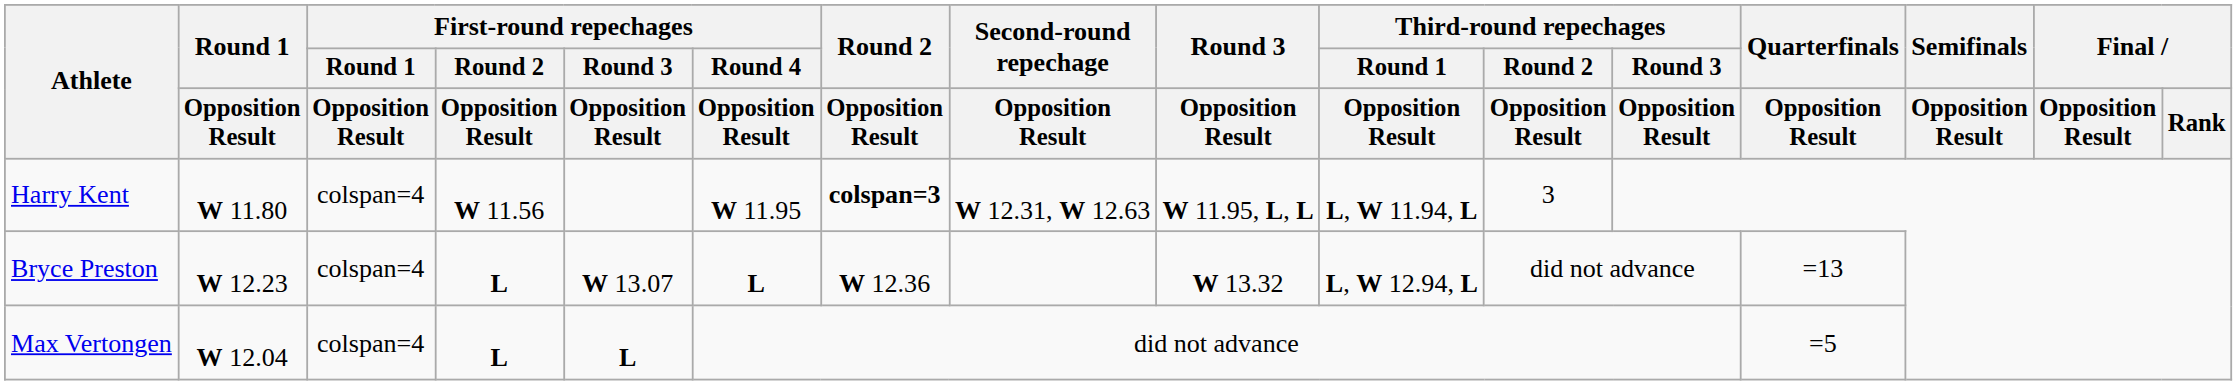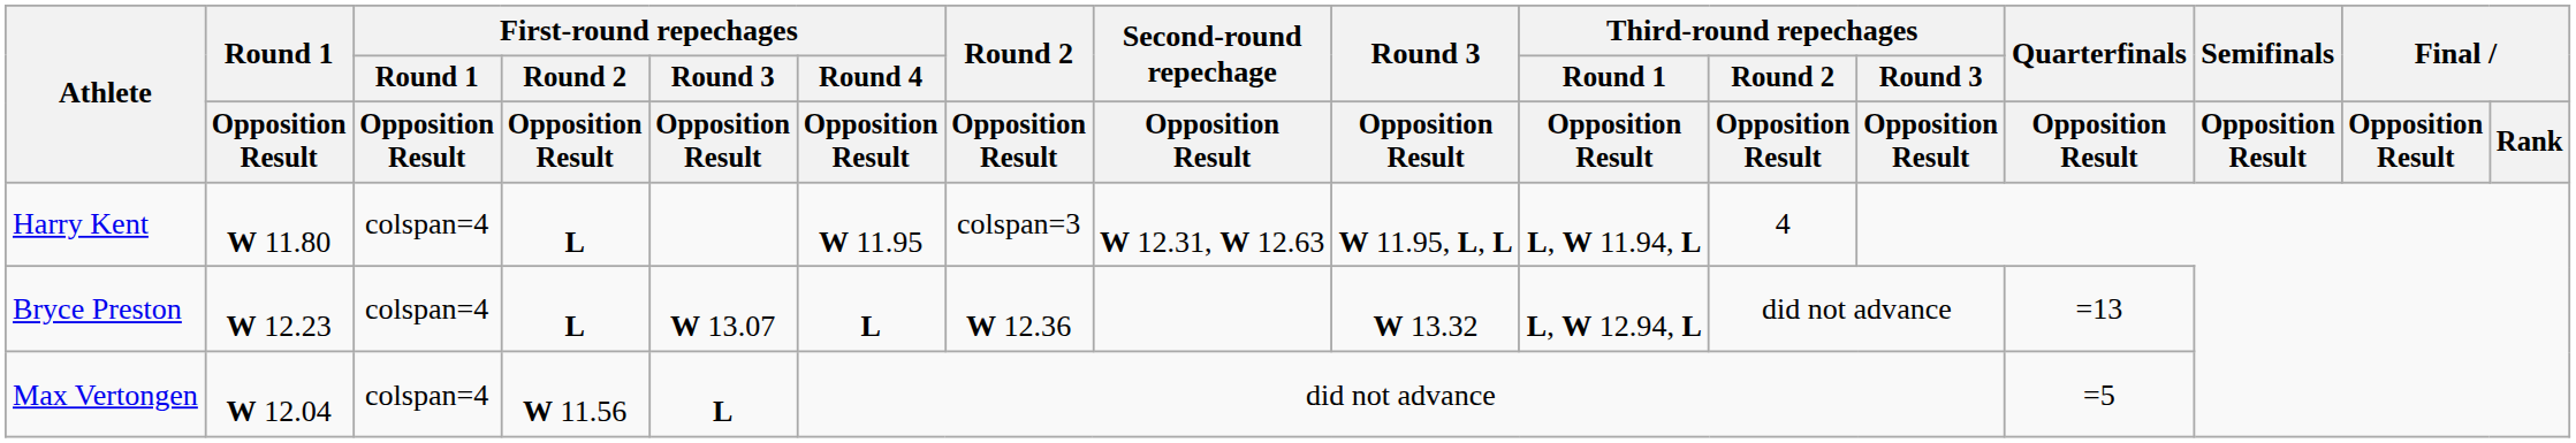 <table class="wikitable" style="font-size:90%;text-align:center;">
 <tr>
 <th rowspan=3>Athlete</th>
 <th rowspan=2>Round 1</th>
 <th colspan=4>First-round repechages</th>
 <th rowspan=2>Round 2</th>
 <th rowspan=2>Second-round<br>repechage</th>
 <th rowspan=2>Round 3</th>
 <th colspan=3>Third-round repechages</th>
 <th rowspan=2>Quarterfinals</th>
 <th rowspan=2>Semifinals</th>
 <th rowspan=2 colspan=2>Final / </th>
 </tr>
 <tr style="font-size:95%">
 <th>Round 1</th>
 <th>Round 2</th>
 <th>Round 3</th>
 <th>Round 4</th>
 <th>Round 1</th>
 <th>Round 2</th>
 <th>Round 3</th>
 </tr>
 <tr style="font-size:95%">
 <th>Opposition<br>Result</th>
 <th>Opposition<br>Result</th>
 <th>Opposition<br>Result</th>
 <th>Opposition<br>Result</th>
 <th>Opposition<br>Result</th>
 <th>Opposition<br>Result</th>
 <th>Opposition<br>Result</th>
 <th>Opposition<br>Result</th>
 <th>Opposition<br>Result</th>
 <th>Opposition<br>Result</th>
 <th>Opposition<br>Result</th>
 <th>Opposition<br>Result</th>
 <th>Opposition<br>Result</th>
 <th>Opposition<br>Result</th>
 <th>Rank</th>
 </tr>
 <tr>
 <td style="text-align:left;"><a href='#'>Harry Kent</a></td>
 <td><br><strong>W</strong> 11.80</td>
 <td>colspan=4 </td>
-<td><br><strong>W</strong> 11.56</td>
+<td><br><strong>L</strong></td>
 <td></td>
 <td><br><strong>W</strong> 11.95</td>
-<td><strong>colspan=3 </strong></td>
+<td>colspan=3 </td>
 <td><br><strong>W</strong> 12.31, <strong>W</strong> 12.63</td>
 <td><br><strong>W</strong> 11.95, <strong>L</strong>, <strong>L</strong></td>
 <td><br><strong>L</strong>, <strong>W</strong> 11.94, <strong>L</strong></td>
-<td>3</td>
+<td>4</td>
 </tr>
 <tr>
 <td style="text-align:left;"><a href='#'>Bryce Preston</a></td>
 <td><br><strong>W</strong> 12.23</td>
 <td>colspan=4 </td>
 <td><br><strong>L</strong></td>
 <td><br><strong>W</strong> 13.07</td>
 <td><br><strong>L</strong></td>
 <td><br><strong>W</strong> 12.36</td>
 <td></td>
 <td><br><strong>W</strong> 13.32</td>
 <td><br><strong>L</strong>, <strong>W</strong> 12.94, <strong>L</strong></td>
 <td colspan=2>did not advance</td>
 <td>=13</td>
 </tr>
 <tr>
 <td style="text-align:left;"><a href='#'>Max Vertongen</a></td>
 <td><br><strong>W</strong> 12.04</td>
 <td>colspan=4 </td>
-<td><br><strong>L</strong></td>
+<td><br><strong>W</strong> 11.56</td>
 <td><br><strong>L</strong></td>
 <td colspan=7>did not advance</td>
 <td>=5</td>
 </tr>
 </table>
